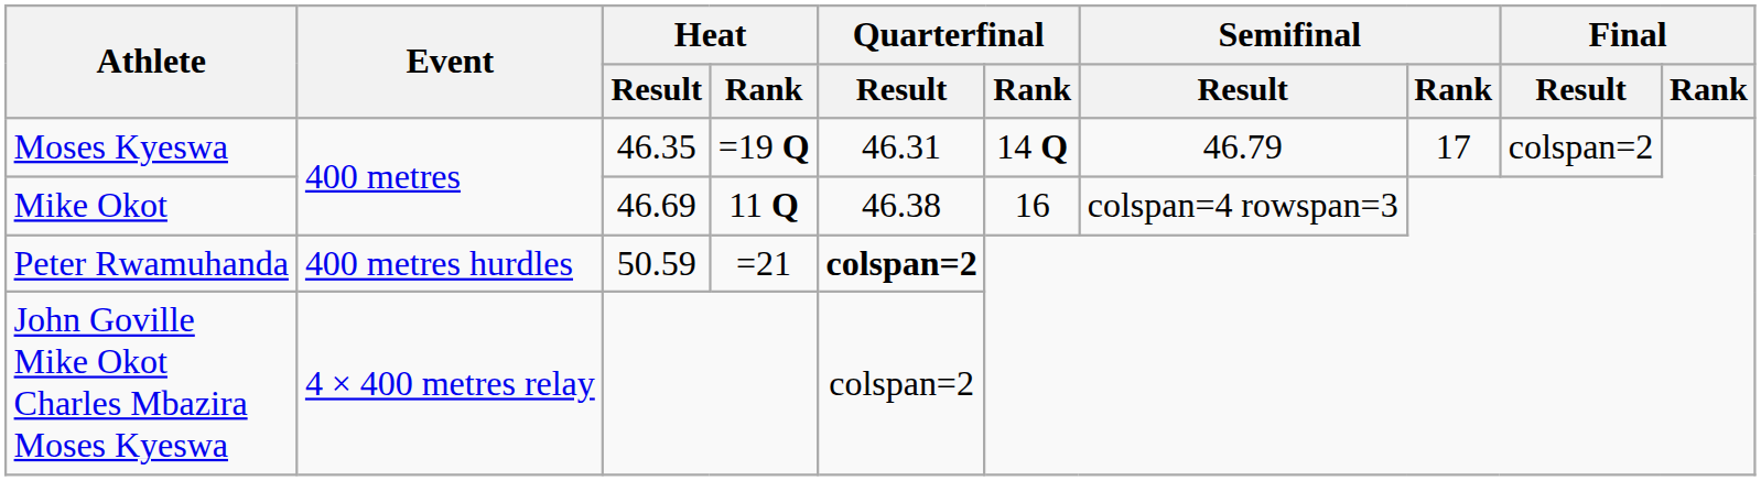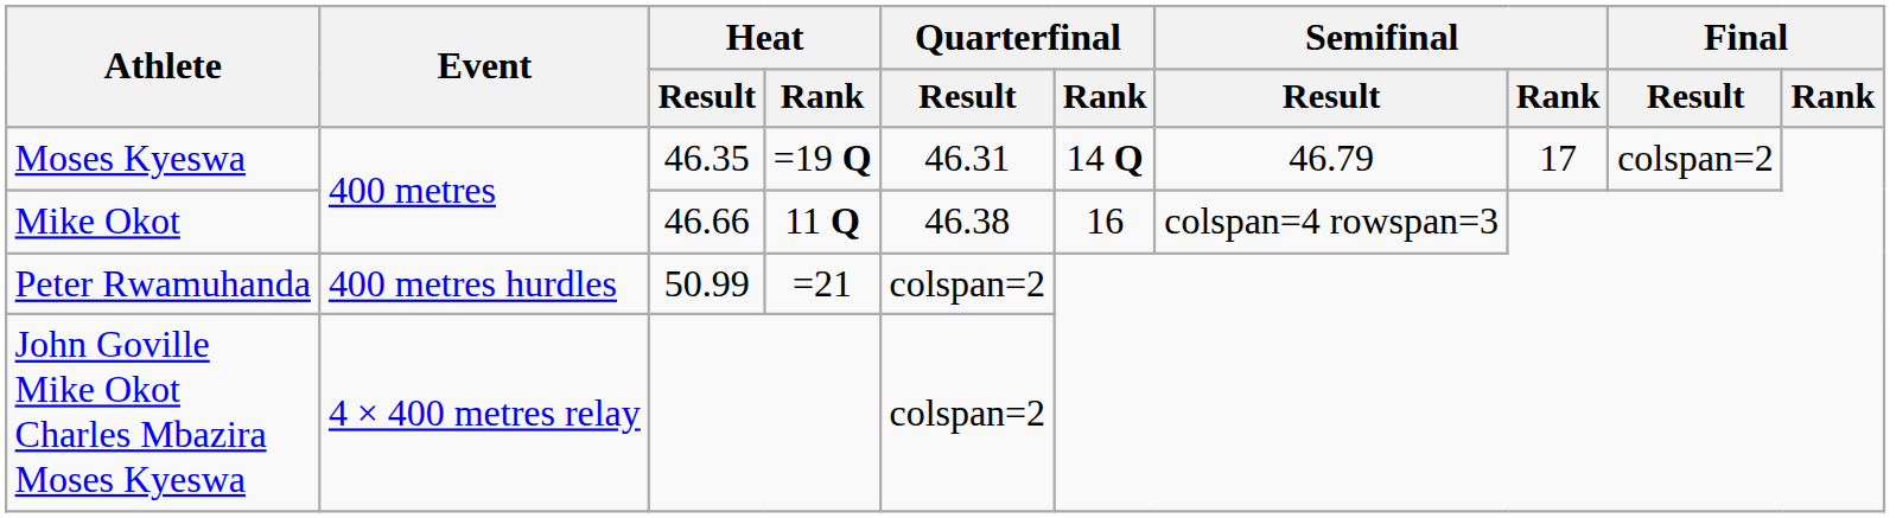 <table class=wikitable style=font-size:90%>
 <tr>
 <th rowspan=2>Athlete</th>
 <th rowspan=2>Event</th>
 <th colspan=2>Heat</th>
 <th colspan=2>Quarterfinal</th>
 <th colspan=2>Semifinal</th>
 <th colspan=2>Final</th>
 </tr>
 <tr style=font-size:95%>
 <th>Result</th>
 <th>Rank</th>
 <th>Result</th>
 <th>Rank</th>
 <th>Result</th>
 <th>Rank</th>
 <th>Result</th>
 <th>Rank</th>
 </tr>
 <tr align=center>
 <td align=left><a href='#'>Moses Kyeswa</a></td>
 <td align=left rowspan=2><a href='#'>400 metres</a></td>
 <td>46.35</td>
 <td>=19 <strong>Q</strong></td>
 <td>46.31</td>
 <td>14 <strong>Q</strong></td>
 <td>46.79</td>
 <td>17</td>
 <td>colspan=2 </td>
 </tr>
 <tr align=center>
 <td align=left><a href='#'>Mike Okot</a></td>
-<td>46.69</td>
+<td>46.66</td>
 <td>11 <strong>Q</strong></td>
 <td>46.38</td>
 <td>16</td>
 <td>colspan=4 rowspan=3 </td>
 </tr>
 <tr align=center>
 <td align=left><a href='#'>Peter Rwamuhanda</a></td>
 <td align=left><a href='#'>400 metres hurdles</a></td>
-<td>50.59</td>
+<td>50.99</td>
 <td>=21</td>
-<td><strong>colspan=2 </strong></td>
+<td>colspan=2 </td>
 </tr>
 <tr align=center>
 <td align=left><a href='#'>John Goville</a><br><a href='#'>Mike Okot</a><br><a href='#'>Charles Mbazira</a><br><a href='#'>Moses Kyeswa</a></td>
 <td align=left><a href='#'>4 × 400 metres relay</a></td>
 <td colspan=2></td>
 <td>colspan=2 </td>
 </tr>
 </table>
